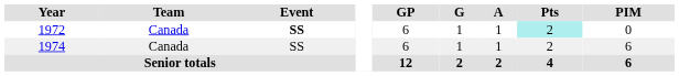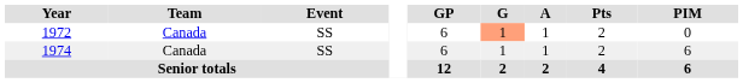 <table border="0" cellpadding="1" cellspacing="0" style="text-align:center; width:50em">
 <tr ALIGN="center" bgcolor="#e0e0e0">
 <th>Year</th>
 <th>Team</th>
 <th>Event</th>
 <th rowspan="99" bgcolor="#ffffff"> </th>
 <th>GP</th>
 <th>G</th>
 <th>A</th>
 <th>Pts</th>
 <th>PIM</th>
 </tr>
 <tr>
 <td><a href='#'>1972</a></td>
 <td><a href='#'>Canada</a></td>
-<td><strong>SS</strong></td>
+<td>SS</td>
 <td>6</td>
+<td style="background: lightsalmon;">1</td>
 <td>1</td>
-<td>1</td>
-<td style="background: paleturquoise;">2</td>
+<td>2</td>
 <td>0</td>
 </tr>
 <tr bgcolor="#f0f0f0">
 <td><a href='#'>1974</a></td>
 <td>Canada</td>
 <td>SS</td>
 <td>6</td>
 <td>1</td>
 <td>1</td>
 <td>2</td>
 <td>6</td>
 </tr>
 <tr bgcolor="#e0e0e0">
 <th colspan=3>Senior totals</th>
 <th>12</th>
 <th>2</th>
 <th>2</th>
 <th>4</th>
 <th>6</th>
 </tr>
 </table>
